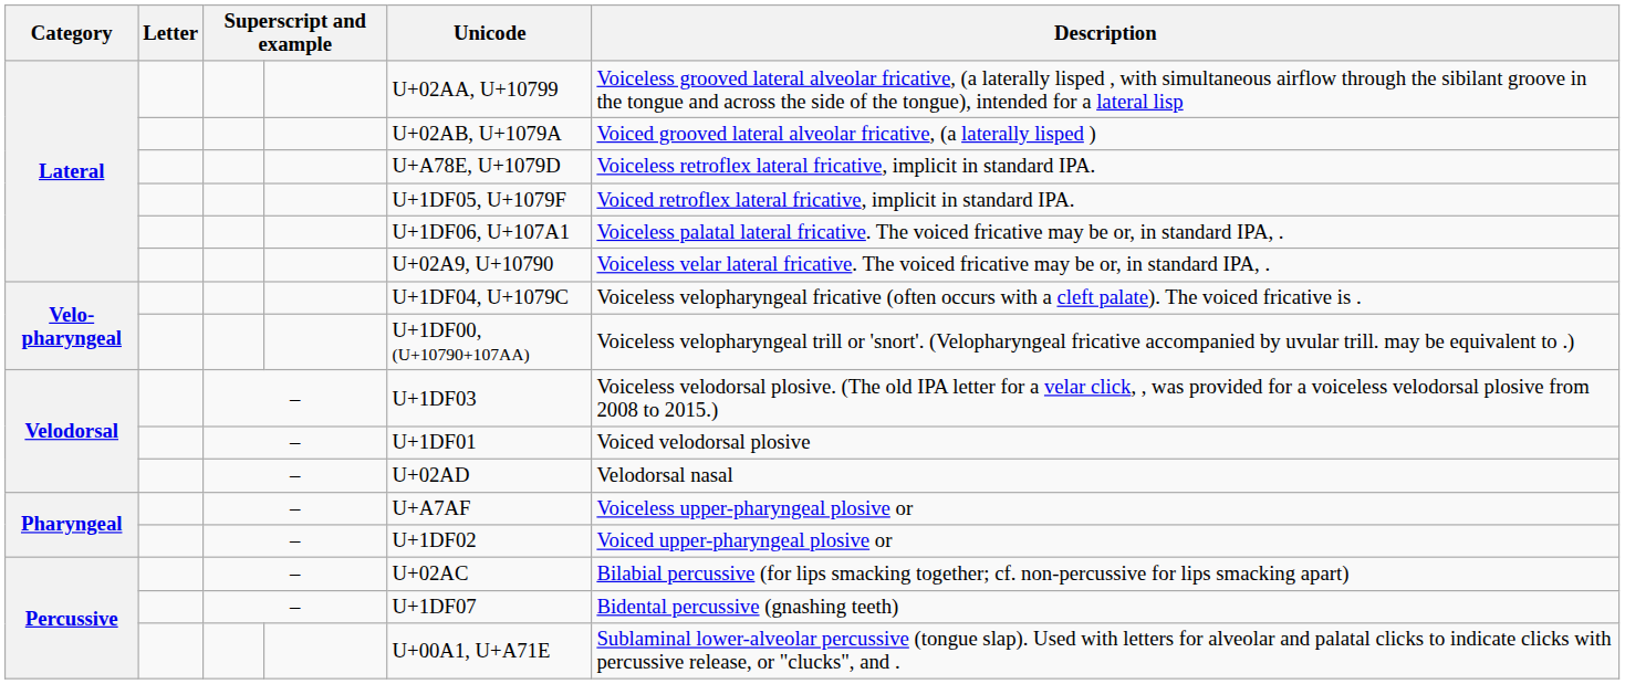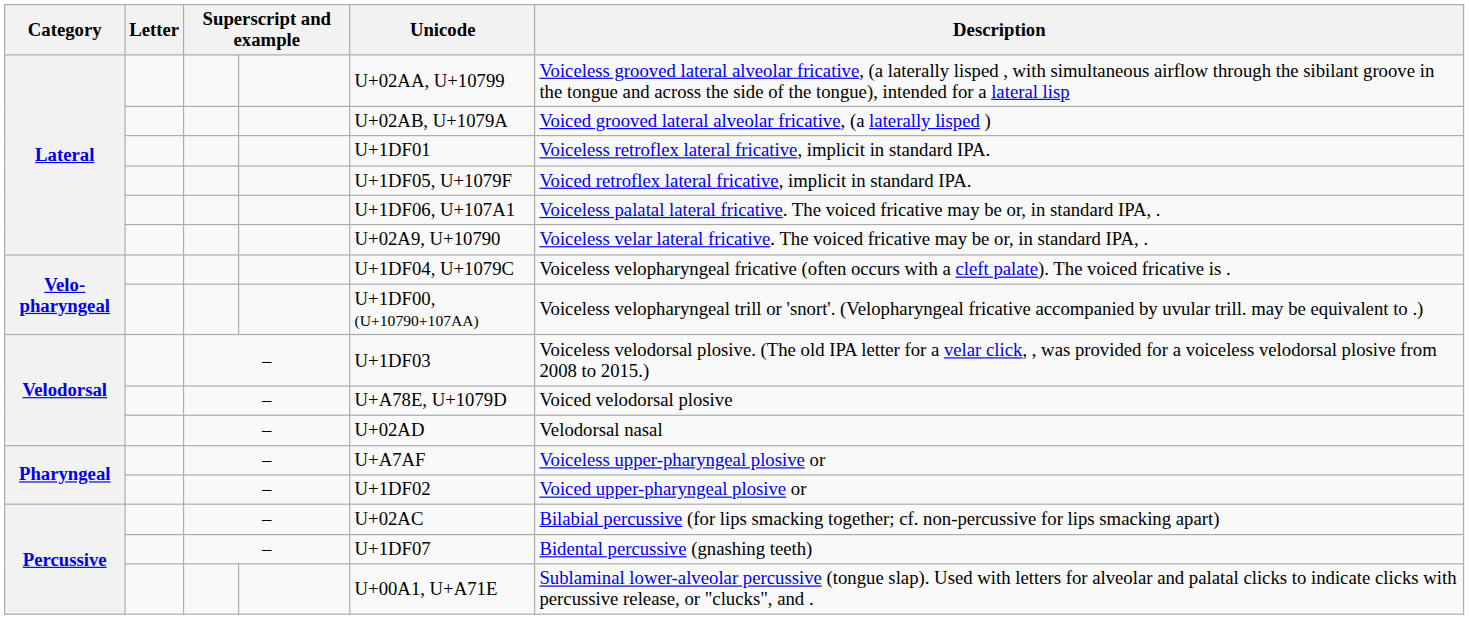 <table class="wikitable">
 <tr>
 <th>Category</th>
 <th>Letter</th>
 <th colspan=2>Superscript and example</th>
 <th>Unicode</th>
 <th>Description</th>
 </tr>
 <tr>
 <th rowspan=6><a href='#'>Lateral</a></th>
 <td style="text-align:center; font-size:larger;"></td>
 <td style="text-align:center; font-size:larger;"></td>
 <td></td>
 <td>U+02AA, U+10799</td>
 <td><a href='#'>Voiceless grooved lateral alveolar fricative</a>,  (a laterally lisped , with simultaneous airflow through the sibilant groove in the tongue and across the side of the tongue), intended for a <a href='#'>lateral lisp</a></td>
 </tr>
 <tr>
 <td style="text-align:center; font-size:larger;"></td>
 <td style="text-align:center; font-size:larger;"></td>
 <td></td>
 <td>U+02AB, U+1079A</td>
 <td><a href='#'>Voiced grooved lateral alveolar fricative</a>,  (a <a href='#'>laterally lisped</a> )</td>
 </tr>
 <tr>
 <td style="text-align:center; font-size:larger; width:2em;"></td>
 <td style="text-align:center; font-size:larger; width:2em;"></td>
 <td></td>
-<td>U+A78E, U+1079D</td>
+<td>U+1DF01</td>
 <td><a href='#'>Voiceless retroflex lateral fricative</a>, implicit in standard IPA.</td>
 </tr>
 <tr>
 <td style="text-align:center; font-size:larger; width:2em;"></td>
 <td style="text-align:center; font-size:larger; width:2em;"></td>
 <td></td>
 <td>U+1DF05, U+1079F</td>
 <td><a href='#'>Voiced retroflex lateral fricative</a>, implicit in standard IPA.</td>
 </tr>
 <tr>
 <td style="text-align:center; font-size:larger; width:2em;"></td>
 <td style="text-align:center; font-size:larger; width:2em;"></td>
 <td></td>
 <td>U+1DF06, U+107A1</td>
 <td><a href='#'>Voiceless palatal lateral fricative</a>. The voiced fricative may be  or, in standard IPA, .</td>
 </tr>
 <tr>
 <td style="text-align:center; font-size:larger; width:2em;"></td>
 <td style="text-align:center; font-size:larger; width:2em;"></td>
 <td></td>
 <td>U+02A9, U+10790</td>
 <td><a href='#'>Voiceless velar lateral fricative</a>. The voiced fricative may be  or, in standard IPA, .</td>
 </tr>
 <tr>
 <th rowspan=2><a href='#'>Velo­pharyngeal</a></th>
 <td style="text-align:center; font-size:larger; width:2em;"></td>
 <td style="text-align:center; font-size:larger; width:2em;"></td>
 <td></td>
 <td>U+1DF04, U+1079C</td>
 <td>Voiceless velopharyngeal fricative (often occurs with a <a href='#'>cleft palate</a>). The voiced fricative is .</td>
 </tr>
 <tr>
 <td style="text-align:center; font-size:larger; width:2em;"></td>
 <td style="text-align:center; font-size:larger; width:2em;"></td>
 <td></td>
 <td>U+1DF00, <small>(U+10790+107AA)</small></td>
 <td>Voiceless velopharyngeal trill or 'snort'. (Velopharyngeal fricative accompanied by uvular trill.  may be equivalent to .)</td>
 </tr>
 <tr>
 <th rowspan=3><a href='#'>Velo­dorsal</a></th>
 <td style="text-align:center; font-size:larger; width:2em;"></td>
 <td style="text-align:center;" colspan=2>–</td>
 <td>U+1DF03</td>
 <td>Voiceless velodorsal plosive. (The old IPA letter for a <a href='#'>velar click</a>, , was provided for a voiceless velodorsal plosive from 2008 to 2015.)</td>
 </tr>
 <tr>
 <td style="text-align:center; font-size:larger; width:2em;"></td>
 <td style="text-align:center;" colspan=2>–</td>
-<td>U+1DF01</td>
+<td>U+A78E, U+1079D</td>
 <td>Voiced velodorsal plosive</td>
 </tr>
 <tr>
 <td style="text-align:center; font-size:larger; width:2em;"></td>
 <td style="text-align:center;" colspan=2>–</td>
 <td>U+02AD</td>
 <td>Velodorsal nasal</td>
 </tr>
 <tr>
 <th rowspan=2><a href='#'>Pharyn­geal</a></th>
 <td style="text-align:center; font-size:larger;"></td>
 <td style="text-align:center;" colspan=2>–</td>
 <td>U+A7AF</td>
 <td><a href='#'>Voiceless upper-pharyngeal plosive</a>  or </td>
 </tr>
 <tr>
 <td style="text-align:center; font-size:larger; width:2em;"></td>
 <td style="text-align:center;" colspan=2>–</td>
 <td>U+1DF02</td>
 <td><a href='#'>Voiced upper-pharyngeal plosive</a>  or </td>
 </tr>
 <tr>
 <th Rowspan=3><a href='#'>Percussive</a></th>
 <td style="text-align:center; font-size:larger;"></td>
 <td style="text-align:center;" colspan=2>–</td>
 <td>U+02AC</td>
 <td><a href='#'>Bilabial percussive</a> (for lips smacking together; cf. non-percussive  for lips smacking apart)</td>
 </tr>
 <tr>
 <td style="text-align:center; font-size:larger;"></td>
 <td style="text-align:center;" colspan=2>–</td>
 <td>U+1DF07</td>
 <td><a href='#'>Bidental percussive</a> (gnashing teeth)</td>
 </tr>
 <tr>
 <td style="text-align:center; font-size:larger;"></td>
 <td style="text-align:center; font-size:larger; width:2em;"></td>
 <td></td>
 <td>U+00A1, U+A71E</td>
 <td><a href='#'>Sublaminal lower-alveolar percussive</a> (tongue slap). Used with letters for alveolar and palatal clicks to indicate clicks with percussive release, or "clucks",  and .</td>
 </tr>
 </table>
